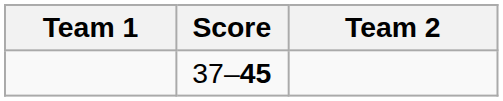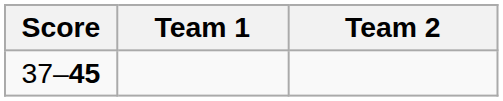 <table class="wikitable" style="text-align: center; font-size:90% ">
 <tr>
+<th width="50">Score</th>
 <th align="right" width="80">Team 1</th>
-<th width="50">Score</th>
 <th align="left" width="100">Team 2</th>
 </tr>
 <tr>
+<td align=center>37–<strong>45</strong></td>
 <td align=right></td>
-<td align=center>37–<strong>45</strong></td>
 <td align=left><strong></strong></td>
 </tr>
 </table>
